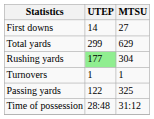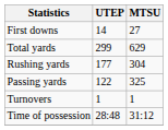 <table class="wikitable">
 <tr>
 <th>Statistics</th>
 <th>UTEP</th>
 <th>MTSU</th>
 </tr>
 <tr>
 <td>First downs</td>
 <td>14</td>
 <td>27</td>
 </tr>
 <tr>
 <td>Total yards</td>
 <td>299</td>
 <td>629</td>
 </tr>
 <tr>
 <td>Rushing yards</td>
-<td style="background: lightgreen;">177</td>
+<td>177</td>
 <td>304</td>
+</tr>
+<tr>
+<td>Passing yards</td>
+<td>122</td>
+<td>325</td>
 </tr>
 <tr>
 <td>Turnovers</td>
 <td>1</td>
 <td>1</td>
-</tr>
-<tr>
-<td>Passing yards</td>
-<td>122</td>
-<td>325</td>
 </tr>
 <tr>
 <td>Time of possession</td>
 <td>28:48</td>
 <td>31:12</td>
 </tr>
 <tr>
 </tr>
 </table>
